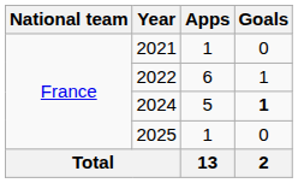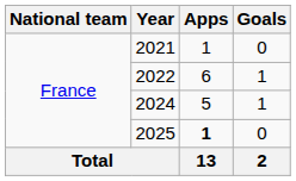 <table class="wikitable" style="text-align: center;">
 <tr>
 <th>National team</th>
 <th>Year</th>
 <th>Apps</th>
 <th>Goals</th>
 </tr>
 <tr>
 <td rowspan="4"><a href='#'>France</a></td>
 <td>2021</td>
 <td>1</td>
 <td>0</td>
 </tr>
 <tr>
 <td>2022</td>
 <td>6</td>
 <td>1</td>
 </tr>
 <tr>
 <td>2024</td>
 <td>5</td>
-<td><strong>1</strong></td>
+<td>1</td>
 </tr>
 <tr>
 <td>2025</td>
-<td>1</td>
+<td><strong>1</strong></td>
 <td>0</td>
 </tr>
 <tr>
 <th colspan="2">Total</th>
 <th>13</th>
 <th>2</th>
 </tr>
 </table>
